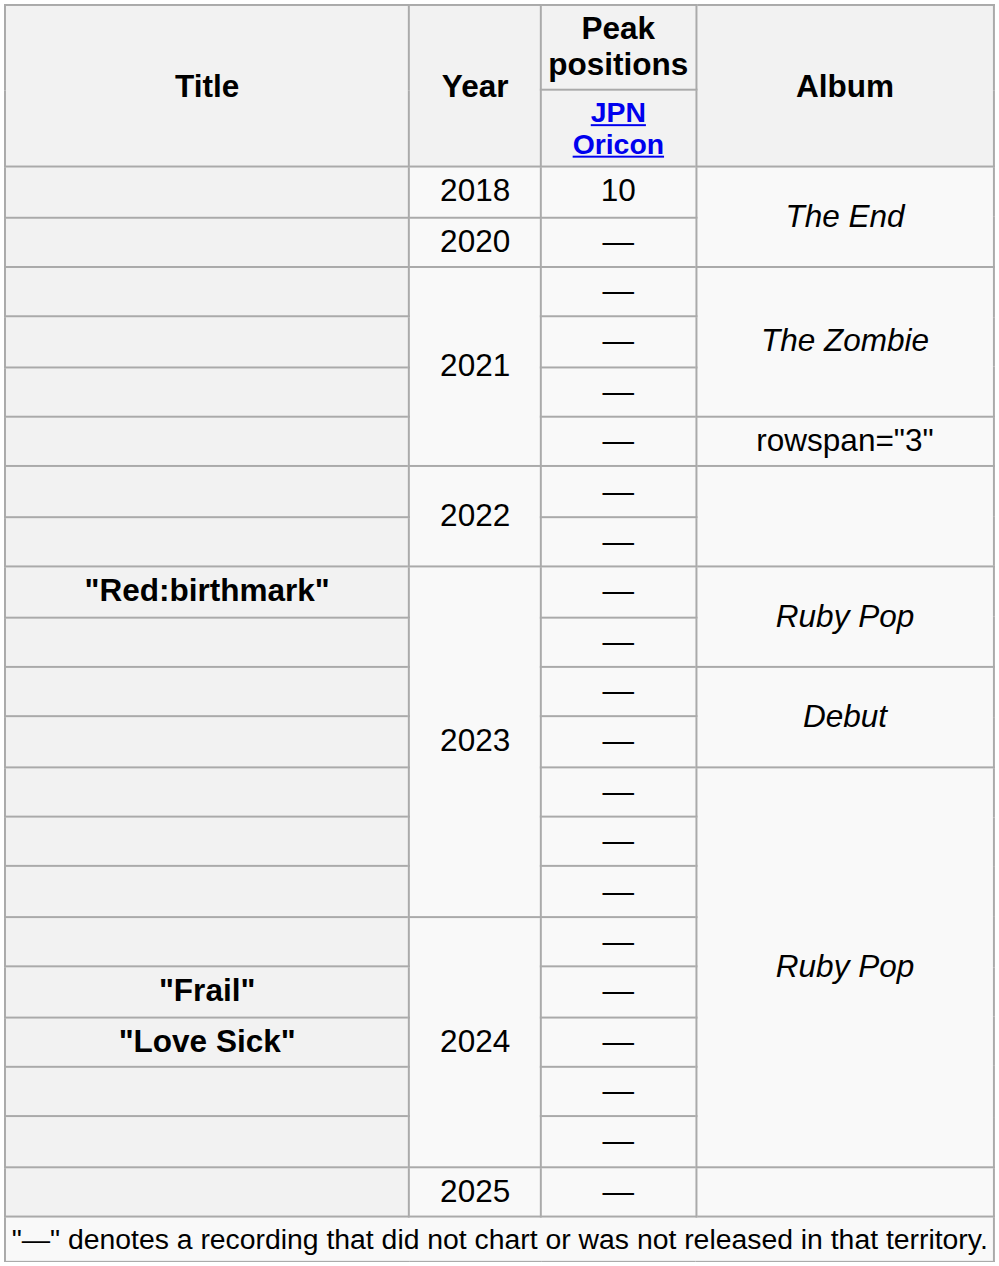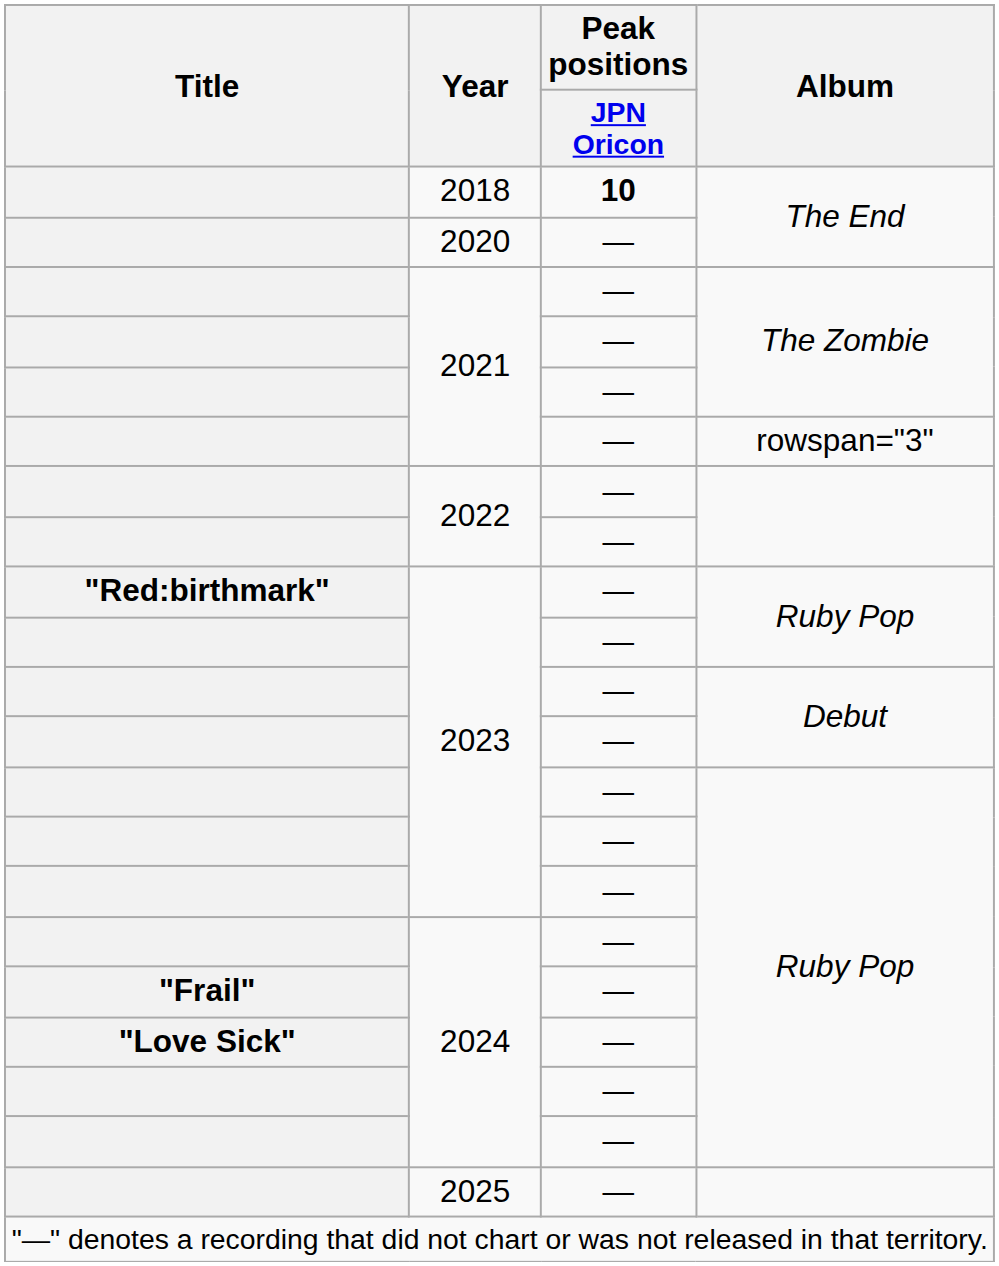 <table class="wikitable plainrowheaders" style="text-align:center;" border="1">
 <tr>
 <th scope="col" rowspan="2">Title</th>
 <th scope="col" rowspan="2">Year</th>
 <th scope="col">Peak<br> positions</th>
 <th scope="col" rowspan="2">Album</th>
 </tr>
 <tr>
 <th scope="col" style="width:3.5em;font-size:90%;"><a href='#'>JPN<br>Oricon</a><br></th>
 </tr>
 <tr>
 <th scope="row"></th>
 <td>2018</td>
-<td>10</td>
+<td><strong>10</strong></td>
 <td rowspan="2"><em>The End</em></td>
 </tr>
 <tr>
 <th scope="row"></th>
 <td>2020</td>
 <td>—</td>
 </tr>
 <tr>
 <th scope="row"></th>
 <td rowspan="4">2021</td>
 <td>—</td>
 <td rowspan="3"><em>The Zombie</em></td>
 </tr>
 <tr>
 <th scope="row"></th>
 <td>—</td>
 </tr>
 <tr>
 <th scope="row"></th>
 <td>—</td>
 </tr>
 <tr>
 <th scope="row"></th>
 <td>—</td>
 <td>rowspan="3" </td>
 </tr>
 <tr>
 <th scope="row"></th>
 <td rowspan="2">2022</td>
 <td>—</td>
 </tr>
 <tr>
 <th scope="row"></th>
 <td>—</td>
 </tr>
 <tr>
 <th scope="row">"Red:birthmark"</th>
 <td rowspan="7">2023</td>
 <td>—</td>
 <td rowspan="2"><em>Ruby Pop</em></td>
 </tr>
 <tr>
 <th scope="row"></th>
 <td>—</td>
 </tr>
 <tr>
 <th scope="row"> </th>
 <td>—</td>
 <td rowspan="2"><em>Debut</em></td>
 </tr>
 <tr>
 <th scope="row"> </th>
 <td>—</td>
 </tr>
 <tr>
 <th scope="row"></th>
 <td>—</td>
 <td rowspan="8"><em>Ruby Pop</em></td>
 </tr>
 <tr>
 <th scope="row"></th>
 <td>—</td>
 </tr>
 <tr>
 <th scope="row"></th>
 <td>—</td>
 </tr>
 <tr>
 <th scope="row"></th>
 <td rowspan="5">2024</td>
 <td>—</td>
 </tr>
 <tr>
 <th scope="row">"Frail"</th>
 <td>—</td>
 </tr>
 <tr>
 <th scope="row">"Love Sick"</th>
 <td>—</td>
 </tr>
 <tr>
 <th scope="row"></th>
 <td>—</td>
 </tr>
 <tr>
 <th scope="row"></th>
 <td>—</td>
 </tr>
 <tr>
 <th scope="row"></th>
 <td>2025</td>
 <td>—</td>
 <td></td>
 </tr>
 <tr>
 <td align="center" colspan="4" style="font-size:90%">"—" denotes a recording that did not chart or was not released in that territory.</td>
 </tr>
 </table>
